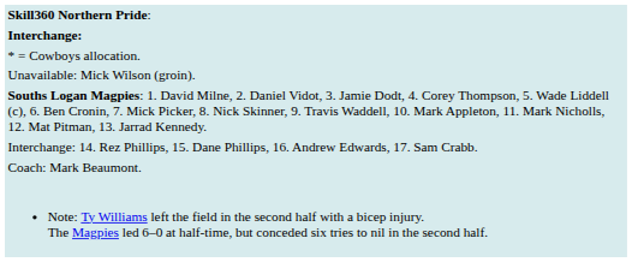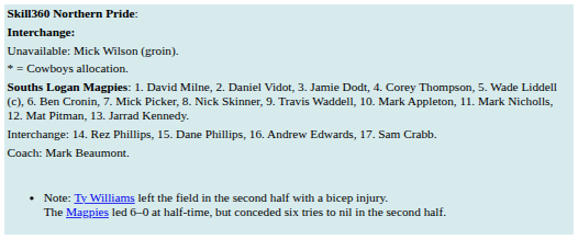 <table style="background:#d7ebed; font-size:85%; width:100%;">
 <tr>
 <td><strong>Skill360 Northern Pride</strong>:             </td>
 </tr>
 <tr>
 <td><strong>Interchange:    </strong></td>
 </tr>
 <tr>
-<td>* = Cowboys allocation.</td>
+<td>Unavailable: Mick Wilson (groin).</td>
 </tr>
 <tr>
-<td>Unavailable: Mick Wilson (groin).</td>
+<td>* = Cowboys allocation.</td>
 </tr>
 <tr>
 <td><strong>Souths Logan Magpies</strong>: 1. David Milne, 2. Daniel Vidot, 3. Jamie Dodt, 4. Corey Thompson, 5. Wade Liddell (c), 6. Ben Cronin, 7. Mick Picker, 8. Nick Skinner, 9. Travis Waddell, 10. Mark Appleton, 11. Mark Nicholls, 12. Mat Pitman, 13. Jarrad Kennedy.</td>
 </tr>
 <tr>
 <td>Interchange: 14. Rez Phillips, 15. Dane Phillips, 16. Andrew Edwards, 17. Sam Crabb.</td>
 </tr>
 <tr>
 <td>Coach: Mark Beaumont.</td>
 </tr>
 <tr>
 <td><br><ul><li>Note: <a href='#'>Ty Williams</a> left the field in the second half with a bicep injury.<br>The <a href='#'>Magpies</a> led 6–0 at half-time, but conceded six tries to nil in the second half.</li></ul></td>
 </tr>
 </table>
